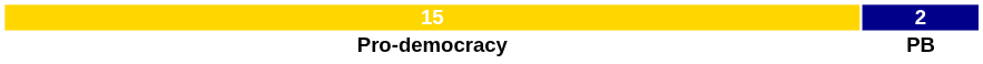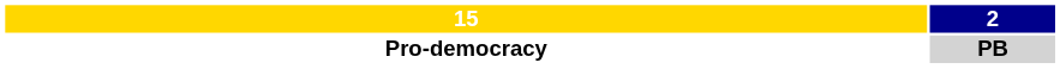 <table style="width:60%; text-align:center;">
 <tr style="color:white;">
 <td style="background:gold; width:88%;"><strong>15</strong></td>
 <td style="background:darkblue; width:12%;"><strong>2</strong></td>
 </tr>
 <tr>
 <td><span><strong>Pro-democracy</strong></span></td>
-<td><span><strong>PB</strong></span></td>
+<td style="background: lightgrey;"><span><strong>PB</strong></span></td>
 </tr>
 </table>
